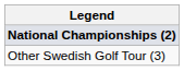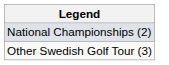 <table class="wikitable" style="font-size:95%;">
 <tr>
 <th>Legend</th>
 </tr>
 <tr style="background:#dfe2e9">
-<td><strong>National Championships (2)</strong></td>
+<td>National Championships (2)</td>
 </tr>
 <tr>
 <td>Other Swedish Golf Tour (3)</td>
 </tr>
 </table>
